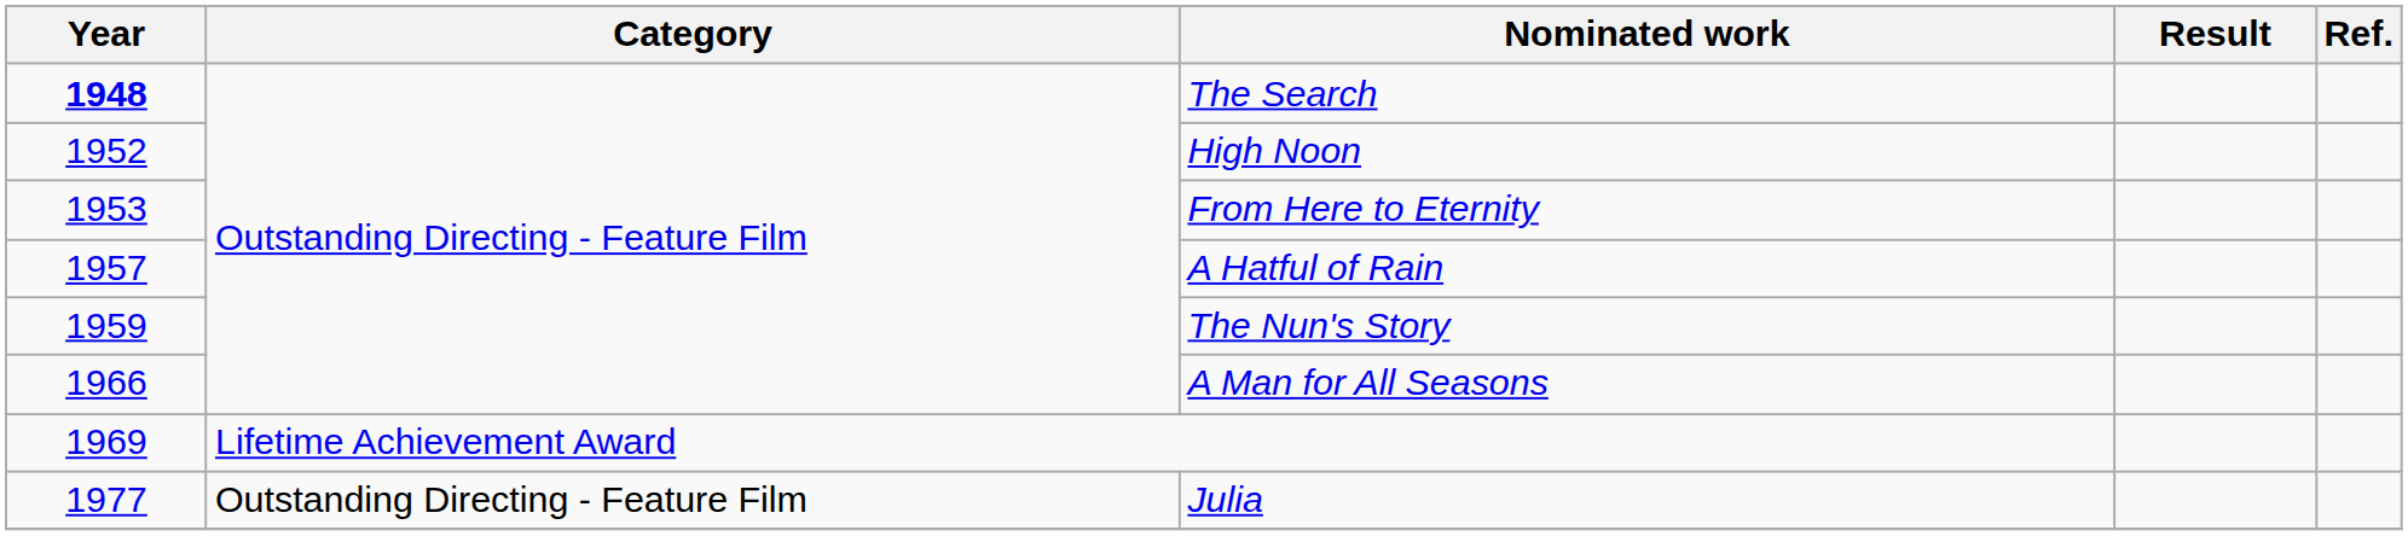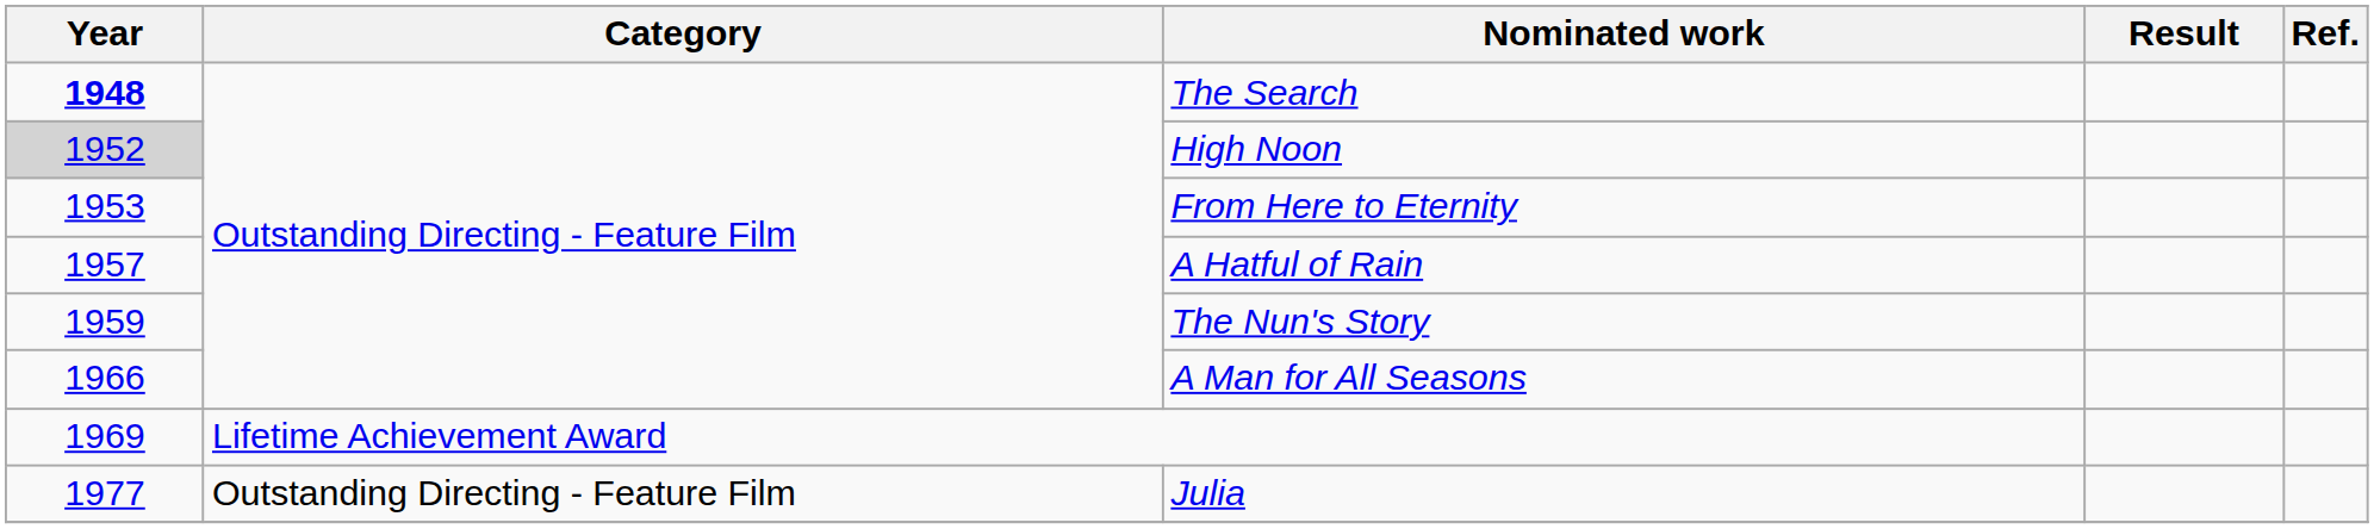 <table class=wikitable>
 <tr>
 <th scope="col" style="width:5em;">Year</th>
 <th scope="col" style="width:26em;">Category</th>
 <th scope="col" style="width:25em;">Nominated work</th>
 <th scope="col" style="width:5em;">Result</th>
 <th>Ref.</th>
 </tr>
 <tr>
 <td style="text-align:center;"><strong><a href='#'>1948</a></strong></td>
 <td rowspan=6><a href='#'>Outstanding Directing - Feature Film</a></td>
 <td><em><a href='#'>The Search</a></em></td>
 <td></td>
 <td></td>
 </tr>
 <tr>
-<td style="text-align:center;"><a href='#'>1952</a></td>
+<td style="background: lightgrey; text-align:center;"><a href='#'>1952</a></td>
 <td><em><a href='#'>High Noon</a></em></td>
 <td></td>
 <td></td>
 </tr>
 <tr>
 <td style="text-align:center;"><a href='#'>1953</a></td>
 <td><em><a href='#'>From Here to Eternity</a></em></td>
 <td></td>
 <td></td>
 </tr>
 <tr>
 <td style="text-align:center;"><a href='#'>1957</a></td>
 <td><em><a href='#'>A Hatful of Rain</a></em></td>
 <td></td>
 </tr>
 <tr>
 <td style="text-align:center;"><a href='#'>1959</a></td>
 <td><em><a href='#'>The Nun's Story</a></em></td>
 <td></td>
 <td></td>
 </tr>
 <tr>
 <td style="text-align:center;"><a href='#'>1966</a></td>
 <td><em><a href='#'>A Man for All Seasons</a></em></td>
 <td></td>
 <td></td>
 </tr>
 <tr>
 <td style="text-align:center;"><a href='#'>1969</a></td>
 <td colspan=2><a href='#'>Lifetime Achievement Award</a></td>
 <td></td>
 <td></td>
 </tr>
 <tr>
 <td style="text-align:center;"><a href='#'>1977</a></td>
 <td>Outstanding Directing - Feature Film</td>
 <td><em><a href='#'>Julia</a></em></td>
 <td></td>
 <td></td>
 </tr>
 <tr>
 </tr>
 </table>
